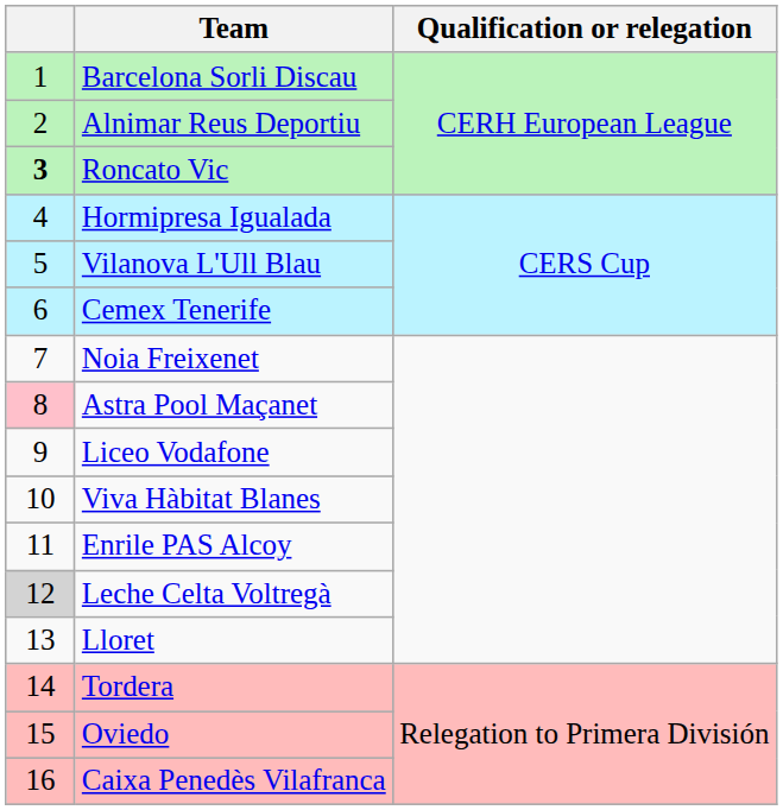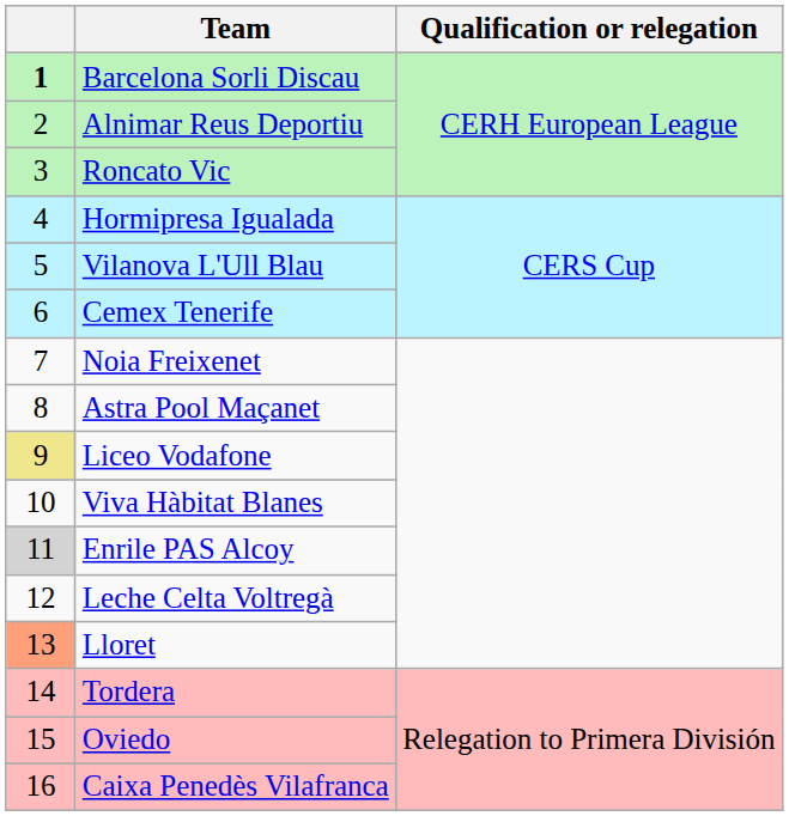 <table class="wikitable" style="text-align:center">
 <tr>
 <th width=30></th>
 <th>Team</th>
 <th>Qualification or relegation</th>
 </tr>
 <tr bgcolor=#BBF3BB>
-<td>1</td>
+<td><strong>1</strong></td>
 <td align=left><a href='#'>Barcelona Sorli Discau</a></td>
 <td rowspan=3><a href='#'>CERH European League</a></td>
 </tr>
 <tr bgcolor=#BBF3BB>
 <td>2</td>
 <td align=left><a href='#'>Alnimar Reus Deportiu</a></td>
 </tr>
 <tr bgcolor=#BBF3BB>
-<td><strong>3</strong></td>
+<td>3</td>
 <td align=left><a href='#'>Roncato Vic</a></td>
 </tr>
 <tr bgcolor=#BBF3FF>
 <td>4</td>
 <td align=left><a href='#'>Hormipresa Igualada</a></td>
 <td rowspan=3><a href='#'>CERS Cup</a></td>
 </tr>
 <tr bgcolor=#BBF3FF>
 <td>5</td>
 <td align=left><a href='#'>Vilanova L'Ull Blau</a></td>
 </tr>
 <tr bgcolor=#BBF3FF>
 <td>6</td>
 <td align=left><a href='#'>Cemex Tenerife</a></td>
 </tr>
 <tr>
 <td>7</td>
 <td align=left><a href='#'>Noia Freixenet</a></td>
 <td rowspan=7></td>
 </tr>
 <tr>
-<td style="background: pink;">8</td>
+<td>8</td>
 <td align=left><a href='#'>Astra Pool Maçanet</a></td>
 </tr>
 <tr>
-<td>9</td>
+<td style="background: khaki;">9</td>
 <td align=left><a href='#'>Liceo Vodafone</a></td>
 </tr>
 <tr>
 <td>10</td>
 <td align=left><a href='#'>Viva Hàbitat Blanes</a></td>
 </tr>
 <tr>
-<td>11</td>
+<td style="background: lightgrey;">11</td>
 <td align=left><a href='#'>Enrile PAS Alcoy</a></td>
 </tr>
 <tr>
-<td style="background: lightgrey;">12</td>
+<td>12</td>
 <td align=left><a href='#'>Leche Celta Voltregà</a></td>
 </tr>
 <tr>
-<td>13</td>
+<td style="background: lightsalmon;">13</td>
 <td align=left><a href='#'>Lloret</a></td>
 </tr>
 <tr bgcolor=#FFBBBB>
 <td>14</td>
 <td align=left><a href='#'>Tordera</a></td>
 <td rowspan=3>Relegation to Primera División</td>
 </tr>
 <tr bgcolor=#FFBBBB>
 <td>15</td>
 <td align=left><a href='#'>Oviedo</a></td>
 </tr>
 <tr bgcolor=#FFBBBB>
 <td>16</td>
 <td align=left><a href='#'>Caixa Penedès Vilafranca</a></td>
 </tr>
 </table>
